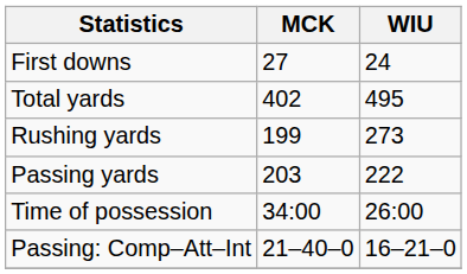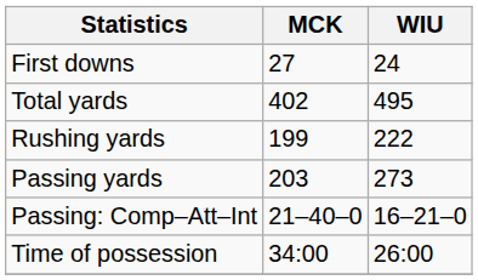 <table class="wikitable" style="float: left;">
 <tr>
 <th>Statistics</th>
 <th>MCK</th>
 <th>WIU</th>
 </tr>
 <tr>
 <td>First downs</td>
 <td>27</td>
 <td>24</td>
 </tr>
 <tr>
 <td>Total yards</td>
 <td>402</td>
 <td>495</td>
 </tr>
 <tr>
 <td>Rushing yards</td>
 <td>199</td>
-<td>273</td>
+<td>222</td>
 </tr>
 <tr>
 <td>Passing yards</td>
 <td>203</td>
-<td>222</td>
+<td>273</td>
+</tr>
+<tr>
+<td>Passing: Comp–Att–Int</td>
+<td>21–40–0</td>
+<td>16–21–0</td>
 </tr>
 <tr>
 <td>Time of possession</td>
 <td>34:00</td>
 <td>26:00</td>
 </tr>
 <tr>
-<td>Passing: Comp–Att–Int</td>
-<td>21–40–0</td>
-<td>16–21–0</td>
-</tr>
-<tr>
 </tr>
 </table>
